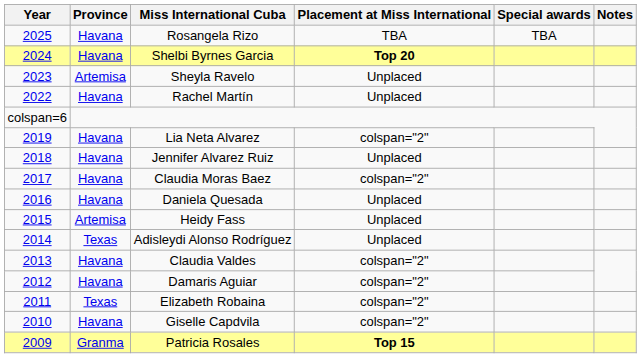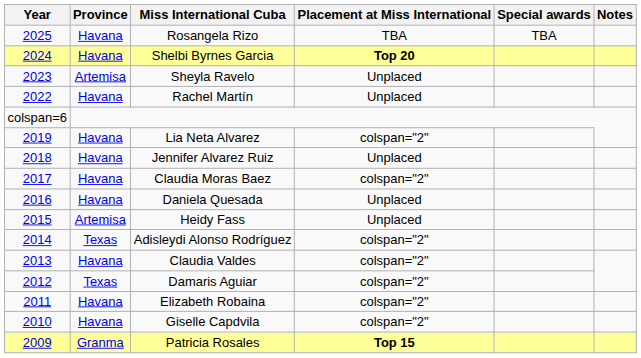 <table class="wikitable " style="font-size: 90%; text-align:center;">
 <tr>
 <th>Year</th>
 <th>Province</th>
 <th>Miss International Cuba</th>
 <th>Placement at Miss International</th>
 <th>Special awards</th>
 <th>Notes</th>
 </tr>
 <tr>
 <td><a href='#'>2025</a></td>
 <td><a href='#'>Havana</a></td>
 <td>Rosangela Rizo</td>
 <td>TBA</td>
 <td>TBA</td>
 <td></td>
 </tr>
 <tr style="background-color:#FFFF99">
 <td><a href='#'>2024</a></td>
 <td><a href='#'>Havana</a></td>
 <td>Shelbi Byrnes Garcia</td>
 <td><strong>Top 20</strong></td>
 <td></td>
 <td></td>
 </tr>
 <tr>
 <td><a href='#'>2023</a></td>
 <td><a href='#'>Artemisa</a></td>
 <td>Sheyla Ravelo</td>
 <td>Unplaced</td>
 <td></td>
 <td></td>
 </tr>
 <tr>
 <td><a href='#'>2022</a></td>
 <td><a href='#'>Havana</a></td>
 <td>Rachel Martín</td>
 <td>Unplaced</td>
 <td></td>
 <td></td>
 </tr>
 <tr>
 <td>colspan=6 </td>
 </tr>
 <tr>
 <td><a href='#'>2019</a></td>
 <td><a href='#'>Havana</a></td>
 <td>Lia Neta Alvarez</td>
 <td>colspan="2" </td>
 <td></td>
 </tr>
 <tr>
 <td><a href='#'>2018</a></td>
 <td><a href='#'>Havana</a></td>
 <td>Jennifer Alvarez Ruiz</td>
 <td>Unplaced</td>
 <td></td>
 <td></td>
 </tr>
 <tr>
 <td><a href='#'>2017</a></td>
 <td><a href='#'>Havana</a></td>
 <td>Claudia Moras Baez</td>
 <td>colspan="2" </td>
 <td></td>
 </tr>
 <tr>
 <td><a href='#'>2016</a></td>
 <td><a href='#'>Havana</a></td>
 <td>Daniela Quesada</td>
 <td>Unplaced</td>
 <td></td>
 <td></td>
 </tr>
 <tr>
 <td><a href='#'>2015</a></td>
 <td><a href='#'>Artemisa</a></td>
 <td>Heidy Fass</td>
 <td>Unplaced</td>
 <td></td>
 <td></td>
 </tr>
 <tr>
 <td><a href='#'>2014</a></td>
 <td><a href='#'>Texas</a></td>
 <td>Adisleydi Alonso Rodríguez</td>
-<td>Unplaced</td>
+<td>colspan="2" </td>
 <td></td>
 <td></td>
 </tr>
 <tr>
 <td><a href='#'>2013</a></td>
 <td><a href='#'>Havana</a></td>
 <td>Claudia Valdes</td>
 <td>colspan="2" </td>
 <td></td>
 </tr>
 <tr>
 <td><a href='#'>2012</a></td>
-<td><a href='#'>Havana</a></td>
+<td><a href='#'>Texas</a></td>
 <td>Damaris Aguiar</td>
 <td>colspan="2" </td>
 <td></td>
 </tr>
 <tr>
 <td><a href='#'>2011</a></td>
-<td><a href='#'>Texas</a></td>
+<td><a href='#'>Havana</a></td>
 <td>Elizabeth Robaina</td>
 <td>colspan="2" </td>
 <td></td>
 <td></td>
 </tr>
 <tr>
 <td><a href='#'>2010</a></td>
 <td><a href='#'>Havana</a></td>
 <td>Giselle Capdvila</td>
 <td>colspan="2" </td>
 <td></td>
 </tr>
 <tr style="background-color:#FFFF99">
 <td><a href='#'>2009</a></td>
 <td><a href='#'>Granma</a></td>
 <td>Patricia Rosales</td>
 <td><strong>Top 15</strong></td>
 <td></td>
 <td></td>
 </tr>
 </table>
